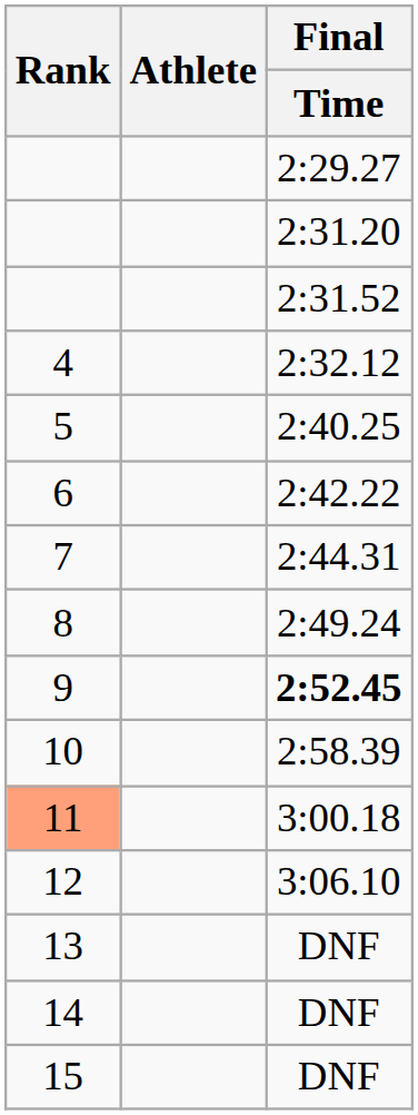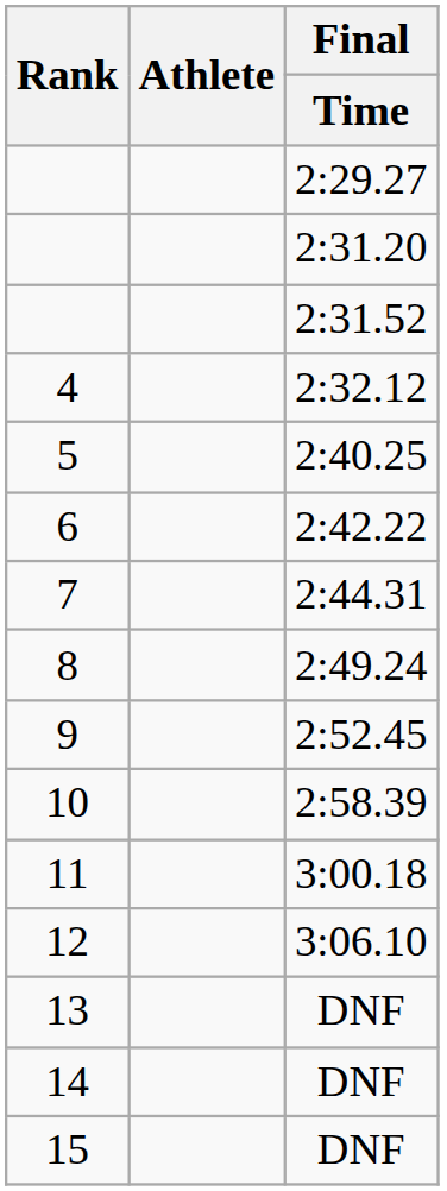 <table class="wikitable sortable"  style="text-align:center">
 <tr>
 <th rowspan="2" data-sort-type=number>Rank</th>
 <th rowspan="2">Athlete</th>
 <th colspan="2">Final</th>
 </tr>
 <tr>
 <th>Time</th>
 </tr>
 <tr>
 <td></td>
 <td align="left"></td>
 <td>2:29.27</td>
 </tr>
 <tr>
 <td></td>
 <td align="left"></td>
 <td>2:31.20</td>
 </tr>
 <tr>
 <td></td>
 <td align="left"></td>
 <td>2:31.52</td>
 </tr>
 <tr>
 <td>4</td>
 <td align="left"></td>
 <td>2:32.12</td>
 </tr>
 <tr>
 <td>5</td>
 <td align="left"></td>
 <td>2:40.25</td>
 </tr>
 <tr>
 <td>6</td>
 <td align="left"></td>
 <td>2:42.22</td>
 </tr>
 <tr>
 <td>7</td>
 <td align="left"></td>
 <td>2:44.31</td>
 </tr>
 <tr>
 <td>8</td>
 <td align="left"></td>
 <td>2:49.24</td>
 </tr>
 <tr>
 <td>9</td>
 <td align="left"></td>
-<td><strong>2:52.45</strong></td>
+<td>2:52.45</td>
 </tr>
 <tr>
 <td>10</td>
 <td align="left"></td>
 <td>2:58.39</td>
 </tr>
 <tr>
-<td style="background: lightsalmon;">11</td>
+<td>11</td>
 <td align="left"></td>
 <td>3:00.18</td>
 </tr>
 <tr>
 <td>12</td>
 <td align="left"></td>
 <td>3:06.10</td>
 </tr>
 <tr>
 <td>13</td>
 <td align="left"></td>
 <td>DNF</td>
 </tr>
 <tr>
 <td>14</td>
 <td align="left"></td>
 <td>DNF</td>
 </tr>
 <tr>
 <td>15</td>
 <td align="left"></td>
 <td>DNF</td>
 </tr>
 </table>
